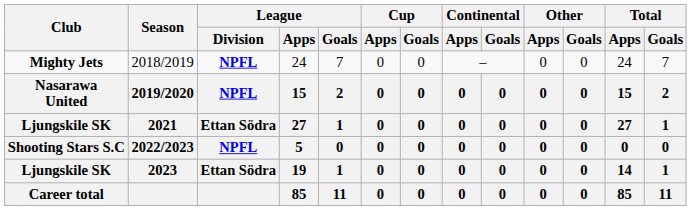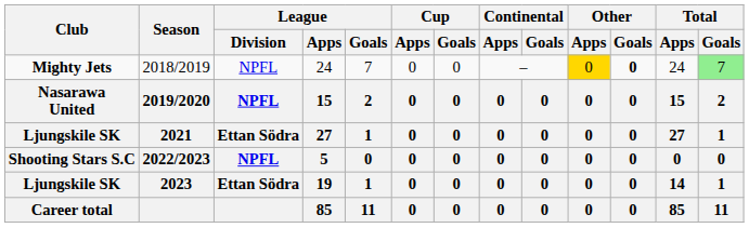 <table class="wikitable" style="text-align: center">
 <tr>
 <th rowspan="2">Club</th>
 <th rowspan="2">Season</th>
 <th colspan="3">League</th>
 <th colspan="2">Cup</th>
 <th colspan="2">Continental</th>
 <th colspan="2">Other</th>
 <th colspan="2">Total</th>
 </tr>
 <tr>
 <th>Division</th>
 <th>Apps</th>
 <th>Goals</th>
 <th>Apps</th>
 <th>Goals</th>
 <th>Apps</th>
 <th>Goals</th>
 <th>Apps</th>
 <th>Goals</th>
 <th>Apps</th>
 <th>Goals</th>
 </tr>
 <tr>
 <td><strong>Mighty Jets</strong></td>
 <td>2018/2019</td>
-<td><strong><a href='#'>NPFL</a></strong></td>
+<td><a href='#'>NPFL</a></td>
 <td>24</td>
 <td>7</td>
 <td>0</td>
 <td>0</td>
 <td colspan="2">–</td>
-<td>0</td>
-<td>0</td>
+<td style="background: gold;">0</td>
+<td><strong>0</strong></td>
 <td>24</td>
-<td>7</td>
+<td style="background: lightgreen;">7</td>
 </tr>
 <tr>
 <th>Nasarawa<br>United</th>
 <th>2019/2020</th>
 <th><a href='#'>NPFL</a></th>
 <th>15</th>
 <th>2</th>
 <th>0</th>
 <th>0</th>
 <th>0</th>
 <th>0</th>
 <th>0</th>
 <th>0</th>
 <th>15</th>
 <th>2</th>
 </tr>
 <tr>
 <th>Ljungskile SK</th>
 <th>2021</th>
 <th>Ettan Södra</th>
 <th>27</th>
 <th>1</th>
 <th>0</th>
 <th>0</th>
 <th>0</th>
 <th>0</th>
 <th>0</th>
 <th>0</th>
 <th>27</th>
 <th>1</th>
 </tr>
 <tr>
 <th>Shooting Stars S.C</th>
 <th>2022/2023</th>
 <th><a href='#'>NPFL</a></th>
 <th>5</th>
 <th>0</th>
 <th>0</th>
 <th>0</th>
 <th>0</th>
 <th>0</th>
 <th>0</th>
 <th>0</th>
 <th>0</th>
 <th>0</th>
 </tr>
 <tr>
 <th>Ljungskile SK</th>
 <th>2023</th>
 <th>Ettan Södra</th>
 <th>19</th>
 <th>1</th>
 <th>0</th>
 <th>0</th>
 <th>0</th>
 <th>0</th>
 <th>0</th>
 <th>0</th>
 <th>14</th>
 <th>1</th>
 </tr>
 <tr>
 <th>Career total</th>
 <th></th>
 <th></th>
 <th>85</th>
 <th>11</th>
 <th>0</th>
 <th>0</th>
 <th>0</th>
 <th>0</th>
 <th>0</th>
 <th>0</th>
 <th>85</th>
 <th>11</th>
 </tr>
 </table>
